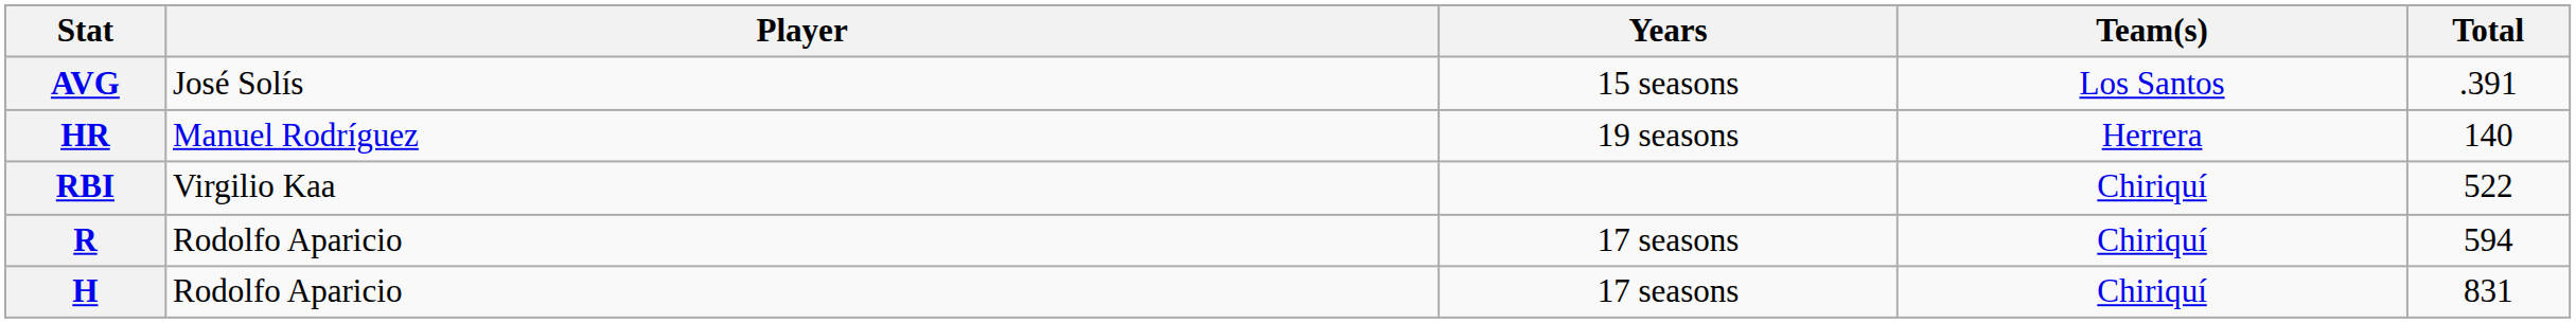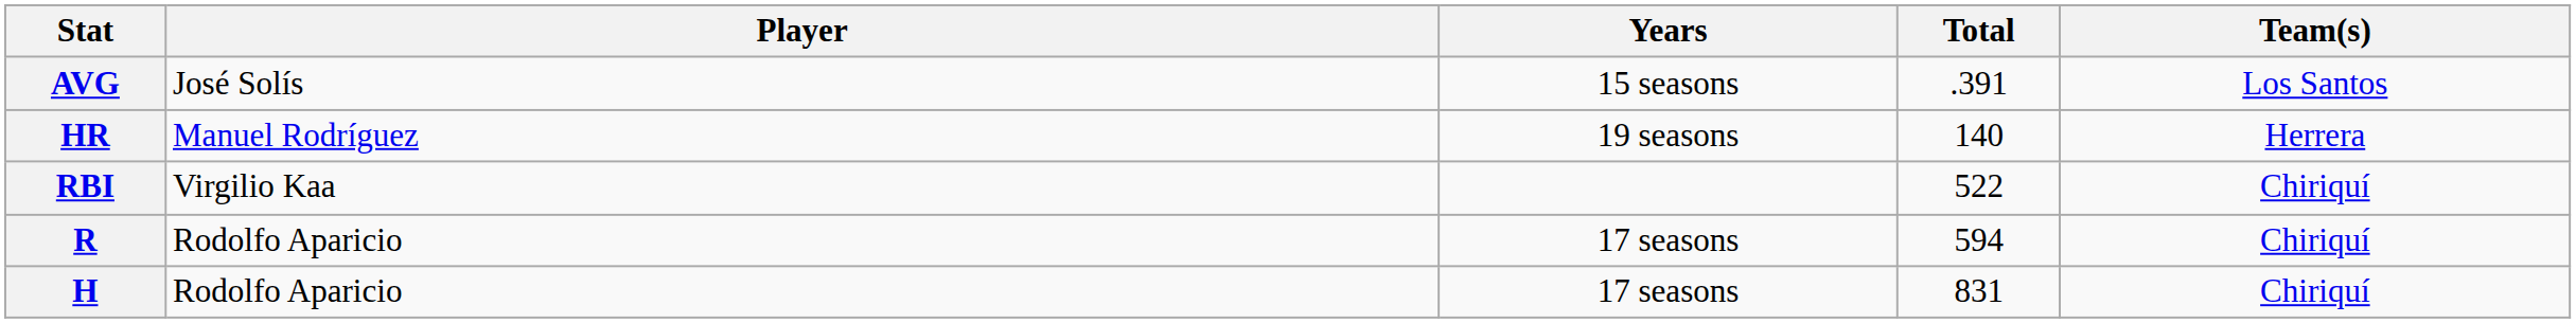 <table class="wikitable" style="text-align:center;">
 <tr>
 <th scope="col" width="3%">Stat</th>
 <th scope="col" width="25%">Player</th>
 <th scope="col" width="9%">Years</th>
+<th scope="col" width="3%">Total</th>
 <th scope="col" width="10%">Team(s)</th>
-<th scope="col" width="3%">Total</th>
 </tr>
 <tr>
 <th scope="row" style="text-align:center;"><a href='#'>AVG</a></th>
 <td style="text-align:left;"> José Solís</td>
 <td>15 seasons</td>
+<td>.391</td>
 <td><a href='#'>Los Santos</a></td>
-<td>.391</td>
 </tr>
 <tr>
 <th scope="row" style="text-align:center;"><a href='#'>HR</a></th>
 <td style="text-align:left;"> <a href='#'>Manuel Rodríguez</a></td>
 <td>19 seasons</td>
+<td>140</td>
 <td><a href='#'>Herrera</a></td>
-<td>140</td>
 </tr>
 <tr>
 <th scope="row" style="text-align:center;"><a href='#'>RBI</a></th>
 <td style="text-align:left;"> Virgilio Kaa</td>
 <td></td>
+<td>522</td>
 <td><a href='#'>Chiriquí</a></td>
-<td>522</td>
 </tr>
 <tr>
 <th scope="row" style="text-align:center;"><a href='#'>R</a></th>
 <td style="text-align:left;"> Rodolfo Aparicio</td>
 <td>17 seasons<br></td>
+<td>594</td>
 <td><a href='#'>Chiriquí</a></td>
-<td>594</td>
 </tr>
 <tr>
 <th scope="row" style="text-align:center;"><a href='#'>H</a></th>
 <td style="text-align:left;"> Rodolfo Aparicio</td>
 <td>17 seasons<br></td>
+<td>831</td>
 <td><a href='#'>Chiriquí</a></td>
-<td>831</td>
 </tr>
 </table>
